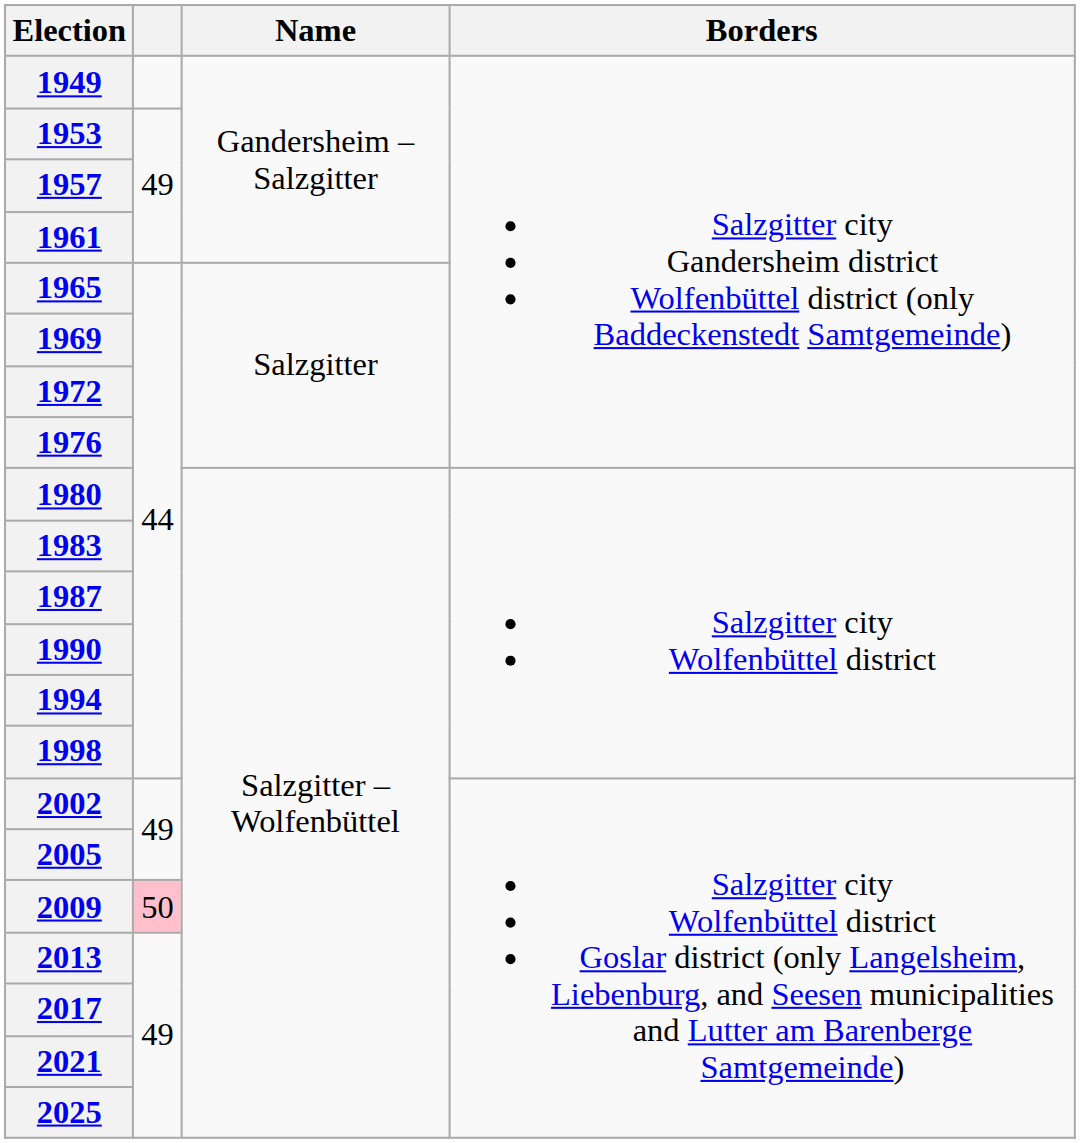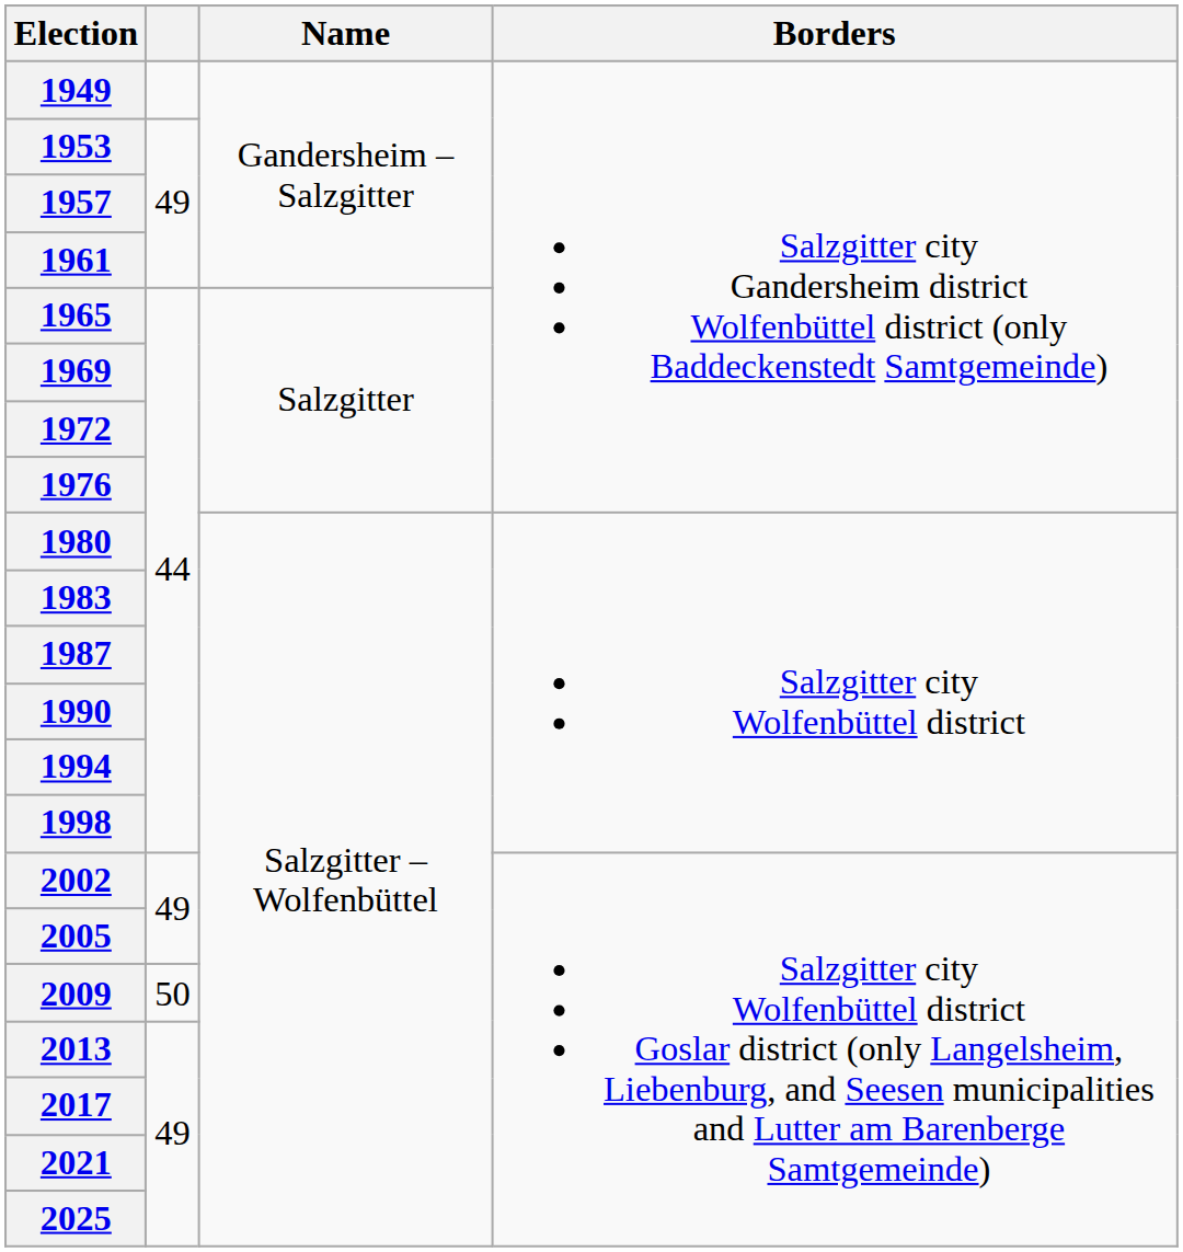 <table class=wikitable style="text-align:center">
 <tr>
 <th>Election</th>
 <th></th>
 <th width=125px>Name</th>
 <th width=300px>Borders</th>
 </tr>
 <tr>
 <th><a href='#'>1949</a></th>
 <td></td>
 <td rowspan=4>Gandersheim – Salzgitter</td>
 <td rowspan=8><br><ul><li><a href='#'>Salzgitter</a> city</li><li>Gandersheim district</li><li><a href='#'>Wolfenbüttel</a> district (only <a href='#'>Baddeckenstedt</a> <a href='#'>Samtgemeinde</a>)</li></ul></td>
 </tr>
 <tr>
 <th><a href='#'>1953</a></th>
 <td rowspan=3>49</td>
 </tr>
 <tr>
 <th><a href='#'>1957</a></th>
 </tr>
 <tr>
 <th><a href='#'>1961</a></th>
 </tr>
 <tr>
 <th><a href='#'>1965</a></th>
 <td rowspan=10>44</td>
 <td rowspan=4>Salzgitter</td>
 </tr>
 <tr>
 <th><a href='#'>1969</a></th>
 </tr>
 <tr>
 <th><a href='#'>1972</a></th>
 </tr>
 <tr>
 <th><a href='#'>1976</a></th>
 </tr>
 <tr>
 <th><a href='#'>1980</a></th>
 <td rowspan=13>Salzgitter – Wolfenbüttel</td>
 <td rowspan=6><br><ul><li><a href='#'>Salzgitter</a> city</li><li><a href='#'>Wolfenbüttel</a> district</li></ul></td>
 </tr>
 <tr>
 <th><a href='#'>1983</a></th>
 </tr>
 <tr>
 <th><a href='#'>1987</a></th>
 </tr>
 <tr>
 <th><a href='#'>1990</a></th>
 </tr>
 <tr>
 <th><a href='#'>1994</a></th>
 </tr>
 <tr>
 <th><a href='#'>1998</a></th>
 </tr>
 <tr>
 <th><a href='#'>2002</a></th>
 <td rowspan=2>49</td>
 <td rowspan=7><br><ul><li><a href='#'>Salzgitter</a> city</li><li><a href='#'>Wolfenbüttel</a> district</li><li><a href='#'>Goslar</a> district (only <a href='#'>Langelsheim</a>, <a href='#'>Liebenburg</a>, and <a href='#'>Seesen</a> municipalities and <a href='#'>Lutter am Barenberge</a> <a href='#'>Samtgemeinde</a>)</li></ul></td>
 </tr>
 <tr>
 <th><a href='#'>2005</a></th>
 </tr>
 <tr>
 <th><a href='#'>2009</a></th>
-<td style="background: pink;">50</td>
+<td>50</td>
 </tr>
 <tr>
 <th><a href='#'>2013</a></th>
 <td rowspan=4>49</td>
 </tr>
 <tr>
 <th><a href='#'>2017</a></th>
 </tr>
 <tr>
 <th><a href='#'>2021</a></th>
 </tr>
 <tr>
 <th><a href='#'>2025</a></th>
 </tr>
 </table>
